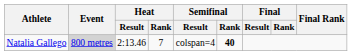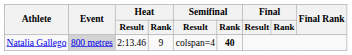 <table class="wikitable" style="font-size:90%">
 <tr>
 <th rowspan="2">Athlete</th>
 <th rowspan="2">Event</th>
 <th colspan="2">Heat</th>
 <th colspan="2">Semifinal</th>
 <th colspan="2">Final</th>
 <th colspan="2" rowspan="2">Final Rank</th>
 </tr>
 <tr style="font-size:95%">
 <th>Result</th>
 <th>Rank</th>
 <th>Result</th>
 <th>Rank</th>
 <th>Result</th>
 <th>Rank</th>
 </tr>
 <tr align=center>
 <td align=left><a href='#'>Natalia Gallego</a></td>
 <td align=left style="background: lightgrey;"><a href='#'>800 metres</a></td>
 <td>2:13.46</td>
-<td>7</td>
+<td>9</td>
 <td>colspan=4 </td>
 <td><strong>40</strong></td>
 </tr>
 </table>
